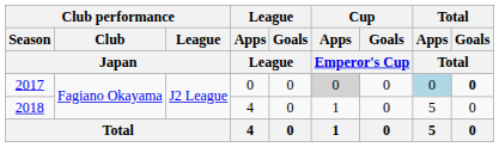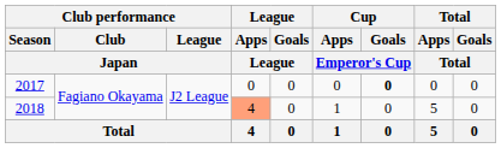 <table class="wikitable" style="text-align:center;">
 <tr>
 <th colspan=3>Club performance</th>
 <th colspan=2>League</th>
 <th colspan=2>Cup</th>
 <th colspan=2>Total</th>
 </tr>
 <tr>
 <th>Season</th>
 <th>Club</th>
 <th>League</th>
 <th>Apps</th>
 <th>Goals</th>
 <th>Apps</th>
 <th>Goals</th>
 <th>Apps</th>
 <th>Goals</th>
 </tr>
 <tr>
 <th colspan=3>Japan</th>
 <th colspan=2>League</th>
 <th colspan=2><a href='#'>Emperor's Cup</a></th>
 <th colspan=2>Total</th>
 </tr>
 <tr>
 <td><a href='#'>2017</a></td>
 <td rowspan="2"><a href='#'>Fagiano Okayama</a></td>
 <td rowspan="2"><a href='#'>J2 League</a></td>
 <td>0</td>
 <td>0</td>
-<td style="background: lightgrey;">0</td>
 <td>0</td>
-<td style="background: lightblue;">0</td>
 <td><strong>0</strong></td>
+<td>0</td>
+<td>0</td>
 </tr>
 <tr>
 <td><a href='#'>2018</a></td>
-<td>4</td>
+<td style="background: lightsalmon;">4</td>
 <td>0</td>
 <td>1</td>
 <td>0</td>
 <td>5</td>
 <td>0</td>
 </tr>
 <tr>
 <th colspan=3>Total</th>
 <th>4</th>
 <th>0</th>
 <th>1</th>
 <th>0</th>
 <th>5</th>
 <th>0</th>
 </tr>
 </table>
